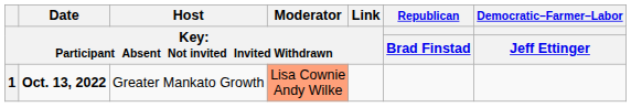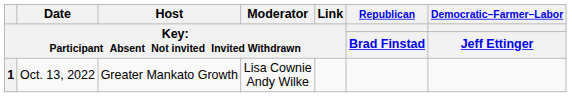 <table class="wikitable" style="text-align:center;">
 <tr>
 <th scope="col"></th>
 <th scope="col">Date</th>
 <th scope="col">Host</th>
 <th scope="col">Moderator</th>
 <th scope="col">Link</th>
 <th scope="col"><small><a href='#'>Republican</a></small></th>
 <th scope="col"><small><a href='#'>Democratic–Farmer–Labor</a></small></th>
 </tr>
 <tr>
 <th colspan="5" rowspan="2">Key:<br> <small>Participant </small>  <small>Absent </small>  <small>Not invited </small>  <small>Invited  Withdrawn</small></th>
 <th scope="col" style="background:"></th>
 <th scope="col" style="background:"></th>
 </tr>
 <tr>
 <th scope="col"><a href='#'>Brad Finstad</a></th>
 <th scope="col"><a href='#'>Jeff Ettinger</a></th>
 </tr>
 <tr>
 <th>1</th>
-<td style="white-space:nowrap;"><strong>Oct. 13, 2022</strong></td>
+<td style="white-space:nowrap;">Oct. 13, 2022</td>
 <td style="white-space:nowrap;">Greater Mankato Growth</td>
-<td style="background: lightsalmon; white-space:nowrap;">Lisa Cownie<br>Andy Wilke</td>
+<td style="white-space:nowrap;">Lisa Cownie<br>Andy Wilke</td>
 <td style="white-space:nowrap;"></td>
 <td></td>
 <td></td>
 </tr>
 </table>
